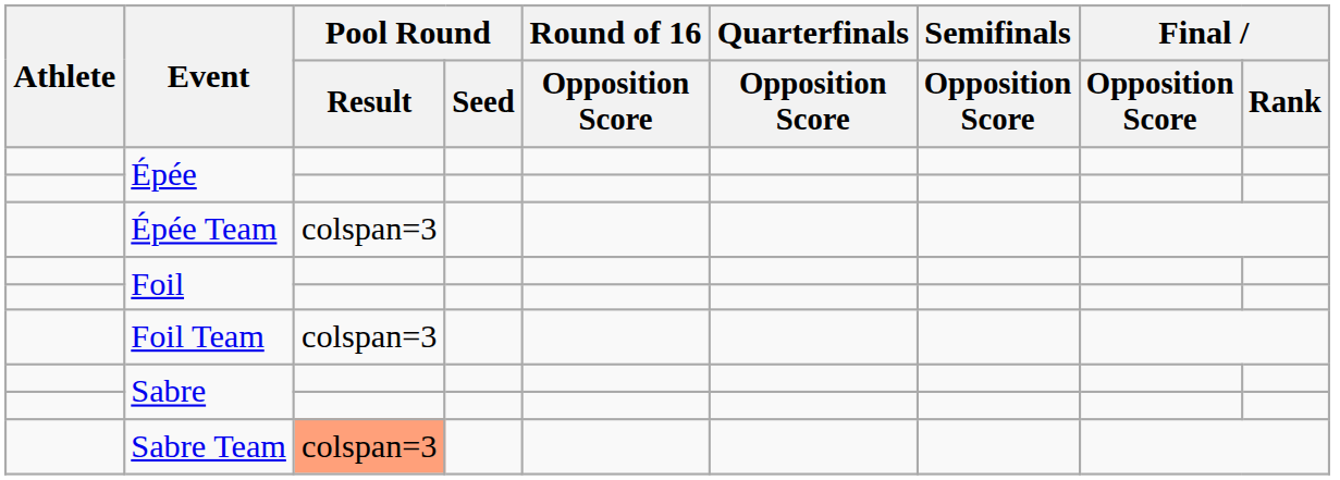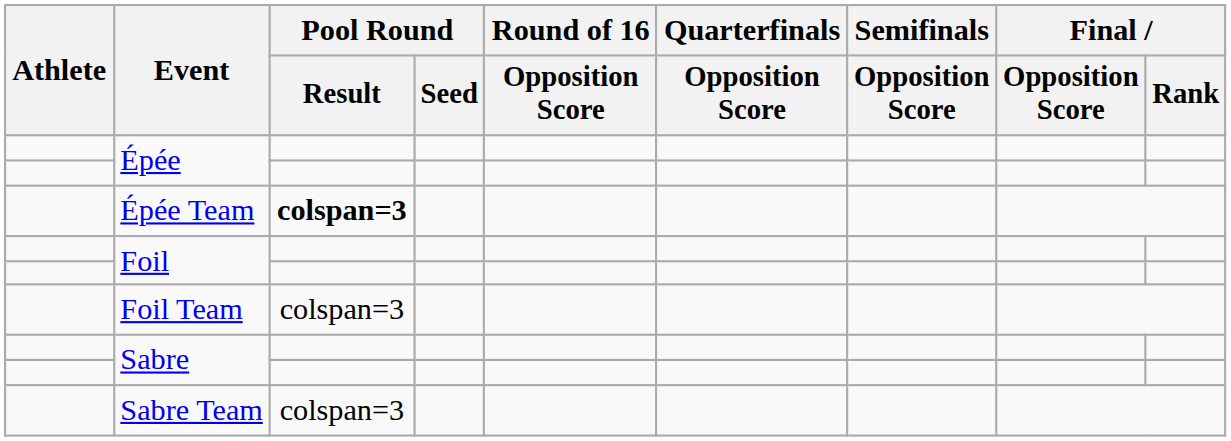 <table class=wikitable style="font-size:90%">
 <tr>
 <th rowspan="2">Athlete</th>
 <th rowspan="2">Event</th>
 <th colspan=2>Pool Round</th>
 <th>Round of 16</th>
 <th>Quarterfinals</th>
 <th>Semifinals</th>
 <th colspan=2>Final / </th>
 </tr>
 <tr style="font-size:95%">
 <th>Result</th>
 <th>Seed</th>
 <th>Opposition<br>Score</th>
 <th>Opposition<br>Score</th>
 <th>Opposition<br>Score</th>
 <th>Opposition<br>Score</th>
 <th>Rank</th>
 </tr>
 <tr align=center>
 <td align=left></td>
 <td align=left rowspan=2><a href='#'>Épée</a></td>
 <td></td>
 <td></td>
 <td></td>
 <td></td>
 <td></td>
 <td></td>
 <td></td>
 </tr>
 <tr align=center>
 <td align=left></td>
 <td></td>
 <td></td>
 <td></td>
 <td></td>
 <td></td>
 <td></td>
 <td></td>
 </tr>
 <tr align=center>
 <td align=left></td>
 <td align=left><a href='#'>Épée Team</a></td>
-<td>colspan=3 </td>
+<td><strong>colspan=3 </strong></td>
 <td></td>
 <td></td>
 <td></td>
 <td></td>
 </tr>
 <tr align=center>
 <td align=left></td>
 <td align=left rowspan=2><a href='#'>Foil</a></td>
 <td></td>
 <td></td>
 <td></td>
 <td></td>
 <td></td>
 <td></td>
 <td></td>
 </tr>
 <tr align=center>
 <td align=left></td>
 <td></td>
 <td></td>
 <td></td>
 <td></td>
 <td></td>
 <td></td>
 <td></td>
 </tr>
 <tr align=center>
 <td align=left></td>
 <td align=left><a href='#'>Foil Team</a></td>
 <td>colspan=3 </td>
 <td></td>
 <td></td>
 <td></td>
 <td></td>
 </tr>
 <tr align=center>
 <td align=left></td>
 <td align=left rowspan=2><a href='#'>Sabre</a></td>
 <td></td>
 <td></td>
 <td></td>
 <td></td>
 <td></td>
 <td></td>
 <td></td>
 </tr>
 <tr align=center>
 <td align=left></td>
 <td></td>
 <td></td>
 <td></td>
 <td></td>
 <td></td>
 <td></td>
 <td></td>
 </tr>
 <tr align=center>
 <td align=left></td>
 <td align=left><a href='#'>Sabre Team</a></td>
-<td style="background: lightsalmon;">colspan=3 </td>
+<td>colspan=3 </td>
 <td></td>
 <td></td>
 <td></td>
 <td></td>
 </tr>
 </table>
